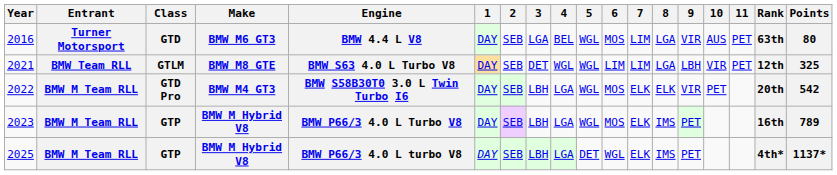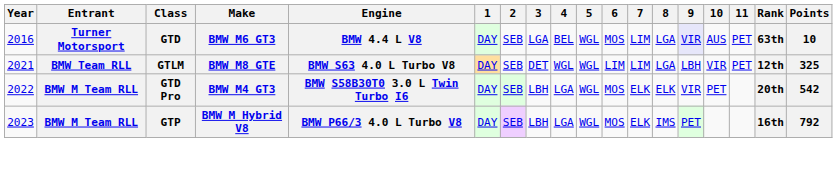 <table class="wikitable" style="text-align:center; font-size:90%">
 <tr>
 <th>Year</th>
 <th>Entrant</th>
 <th>Class</th>
 <th>Make</th>
 <th>Engine</th>
 <th>1</th>
 <th>2</th>
 <th>3</th>
 <th>4</th>
 <th>5</th>
 <th>6</th>
 <th>7</th>
 <th>8</th>
 <th>9</th>
 <th>10</th>
 <th>11</th>
 <th>Rank</th>
 <th>Points</th>
 </tr>
 <tr>
 <td><a href='#'>2016</a></td>
 <th><a href='#'>Turner Motorsport</a></th>
 <th>GTD</th>
 <th><a href='#'>BMW M6 GT3</a></th>
 <th><a href='#'>BMW</a> 4.4 L <a href='#'>V8</a></th>
 <td style="background:#DFFFDF;"><a href='#'>DAY</a><br></td>
 <td style="background:#;”"><a href='#'>SEB</a></td>
 <td><a href='#'>LGA</a></td>
 <td><a href='#'>BEL</a></td>
 <td><a href='#'>WGL</a></td>
 <td style="background:#;”"><a href='#'>MOS</a></td>
 <td><a href='#'>LIM</a></td>
 <td><a href='#'>LGA</a></td>
-<td><a href='#'>VIR</a></td>
+<td style="background: lavender;"><a href='#'>VIR</a></td>
 <td style="background:#;”"><a href='#'>AUS</a></td>
 <td><a href='#'>PET</a></td>
 <th>63th</th>
-<th>80</th>
+<th>10</th>
 </tr>
 <tr>
 <td><a href='#'>2021</a></td>
 <th><a href='#'>BMW Team RLL</a></th>
 <th>GTLM</th>
 <th><a href='#'>BMW M8 GTE</a></th>
 <th><a href='#'>BMW S63</a> 4.0 L Turbo V8</th>
 <td style="background:#FFDF9F;"><a href='#'>DAY</a><br></td>
 <td><a href='#'>SEB</a></td>
 <td><a href='#'>DET</a></td>
 <td><a href='#'>WGL</a></td>
 <td><a href='#'>WGL</a></td>
 <td><a href='#'>LIM</a></td>
 <td><a href='#'>LIM</a></td>
 <td><a href='#'>LGA</a></td>
 <td><a href='#'>LBH</a></td>
 <td><a href='#'>VIR</a></td>
 <td><a href='#'>PET</a></td>
 <th>12th</th>
 <th>325</th>
 </tr>
 <tr>
 <td><a href='#'>2022</a></td>
 <th><a href='#'>BMW M Team RLL</a></th>
 <th>GTD Pro</th>
 <th><a href='#'>BMW M4 GT3</a></th>
 <th><a href='#'>BMW</a> <a href='#'>S58B30T0</a> 3.0 L <a href='#'>Twin Turbo</a> <a href='#'>I6</a></th>
 <td style="background:#DFFFDF;"><a href='#'>DAY</a><br></td>
 <td style="background:#DFFFDF;"><a href='#'>SEB</a><br></td>
 <td><a href='#'>LBH</a></td>
 <td><a href='#'>LGA</a></td>
 <td><a href='#'>WGL</a></td>
 <td><a href='#'>MOS</a></td>
 <td><a href='#'>ELK</a></td>
 <td><a href='#'>ELK</a></td>
 <td><a href='#'>VIR</a></td>
 <td><a href='#'>PET</a></td>
 <td></td>
 <th>20th</th>
 <th>542</th>
 </tr>
 <tr>
 <td><a href='#'>2023</a></td>
 <th><a href='#'>BMW M Team RLL</a></th>
 <th>GTP</th>
 <th><a href='#'>BMW M Hybrid V8</a></th>
 <th><a href='#'>BMW P66/3</a> 4.0 L Turbo <a href='#'>V8</a></th>
 <td style="background:#DFFFDF;"><a href='#'>DAY</a><br></td>
 <td style="background:#EFCFFF;"><a href='#'>SEB</a><br></td>
 <td><a href='#'>LBH</a></td>
 <td><a href='#'>LGA</a></td>
 <td><a href='#'>WGL</a></td>
 <td><a href='#'>MOS</a></td>
 <td><a href='#'>ELK</a></td>
 <td><a href='#'>IMS</a></td>
 <td style="background:#DFFFDF;"><a href='#'>PET</a><br></td>
 <td></td>
 <td></td>
 <th>16th</th>
-<th>789</th>
-</tr>
-<tr>
-<td><a href='#'>2025</a></td>
-<th><a href='#'>BMW M Team RLL</a></th>
-<th>GTP</th>
-<th><a href='#'>BMW M Hybrid V8</a></th>
-<th><a href='#'>BMW P66/3</a> 4.0 L turbo V8</th>
-<td style="background:#DFFFDF;"><em><a href='#'>DAY</a></em><br></td>
-<td style="background:#DFFFDF;"><a href='#'>SEB</a><br></td>
-<td style="background:#DFFFDF;"><a href='#'>LBH</a><br></td>
-<td style="background:#DFFFDF;"><a href='#'>LGA</a><br></td>
-<td style="background:#;"><a href='#'>DET</a><br></td>
-<td style="background:#;"><a href='#'>WGL</a><br></td>
-<td style="background:#;"><a href='#'>ELK</a><br></td>
-<td style="background:#;"><a href='#'>IMS</a><br></td>
-<td style="background:#;"><a href='#'>PET</a><br></td>
-<td></td>
-<td></td>
-<th>4th*</th>
-<th>1137*</th>
+<th>792</th>
 </tr>
 </table>
